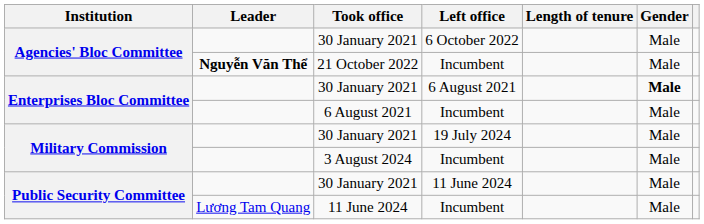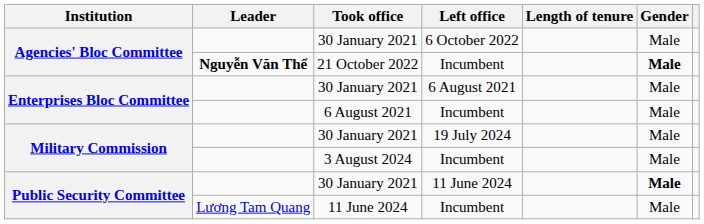 <table class="wikitable sortable plainrowheaders" style=text-align:center>
 <tr>
 <th scope="col">Institution</th>
 <th scope="col">Leader</th>
 <th scope="col">Took office</th>
 <th scope="col">Left office</th>
 <th scope="col">Length of tenure</th>
 <th scope="col">Gender</th>
 <th scope="col" class="unsortable"></th>
 </tr>
 <tr>
 <th rowspan="2" scope="row"><a href='#'>Agencies' Bloc Committee</a></th>
 <td></td>
 <td>30 January 2021</td>
 <td>6 October 2022</td>
 <td></td>
 <td>Male</td>
 <td></td>
 </tr>
 <tr>
 <td><strong>Nguyễn Văn Thể</strong></td>
 <td>21 October 2022</td>
 <td>Incumbent</td>
 <td></td>
-<td>Male</td>
+<td><strong>Male</strong></td>
 <td></td>
 </tr>
 <tr>
 <th rowspan="2" scope="row"><a href='#'>Enterprises Bloc Committee</a></th>
 <td></td>
 <td>30 January 2021</td>
 <td>6 August 2021</td>
 <td></td>
-<td><strong>Male</strong></td>
+<td>Male</td>
 <td></td>
 </tr>
 <tr>
 <td></td>
 <td>6 August 2021</td>
 <td>Incumbent</td>
 <td></td>
 <td>Male</td>
 <td></td>
 </tr>
 <tr>
 <th rowspan="2" scope="row"><a href='#'>Military Commission</a></th>
 <td></td>
 <td>30 January 2021</td>
 <td>19 July 2024</td>
 <td></td>
 <td>Male</td>
 <td></td>
 </tr>
 <tr>
 <td></td>
 <td>3 August 2024</td>
 <td>Incumbent</td>
 <td></td>
 <td>Male</td>
 <td></td>
 </tr>
 <tr>
 <th rowspan="2" scope="row"><a href='#'>Public Security Committee</a></th>
 <td></td>
 <td>30 January 2021</td>
 <td>11 June 2024</td>
 <td></td>
-<td>Male</td>
+<td><strong>Male</strong></td>
 <td></td>
 </tr>
 <tr>
 <td><a href='#'>Lương Tam Quang</a></td>
 <td>11 June 2024</td>
 <td>Incumbent</td>
 <td></td>
 <td>Male</td>
 <td></td>
 </tr>
 </table>
